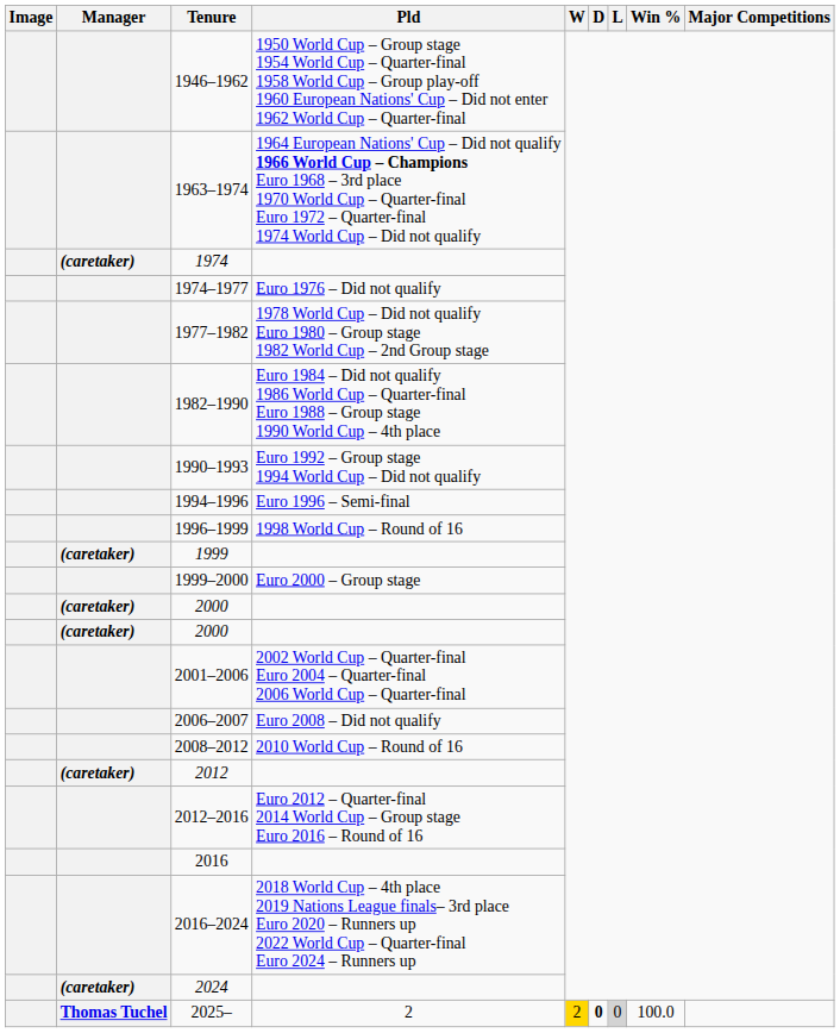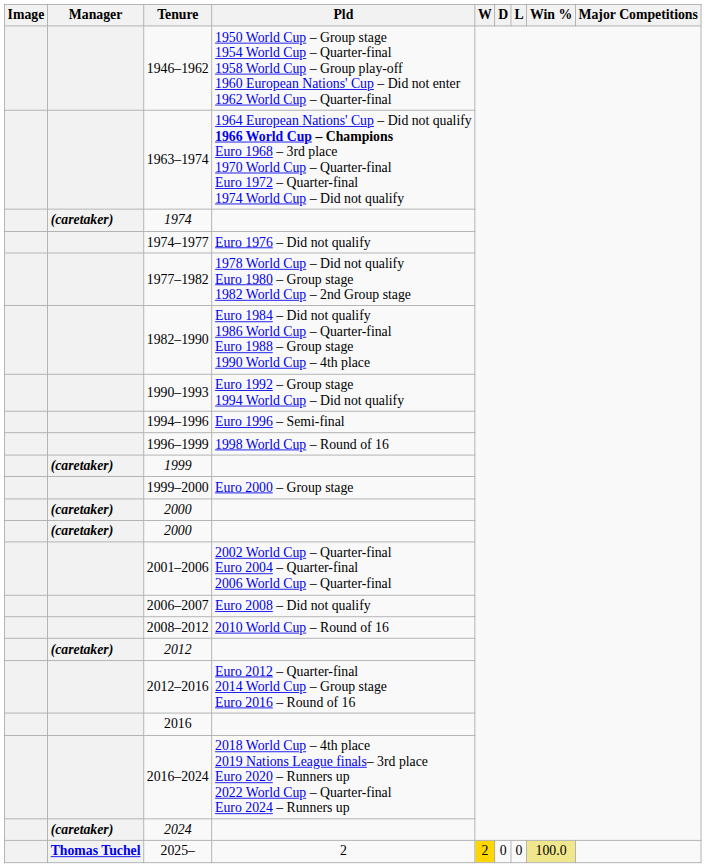 <table class="wikitable sortable plainrowheaders" style="text-align:center;">
 <tr>
 <th scope=col class=unsortable>Image</th>
 <th scope=col>Manager</th>
 <th scope=col>Tenure</th>
 <th scope=col>Pld</th>
 <th scope=col>W</th>
 <th scope=col>D</th>
 <th scope=col>L</th>
 <th scope=col>Win %</th>
 <th scope=col>Major Competitions</th>
 </tr>
 <tr>
 <th></th>
 <th scope=row style="text-align: left;"></th>
 <td>1946–1962<br></td>
 <td style="text-align: left;"><a href='#'>1950 World Cup</a> – Group stage<br><a href='#'>1954 World Cup</a> – Quarter-final<br><a href='#'>1958 World Cup</a> – Group play-off<br><a href='#'>1960 European Nations' Cup</a> – Did not enter<br><a href='#'>1962 World Cup</a> – Quarter-final</td>
 </tr>
 <tr>
 <th></th>
 <th scope=row style="text-align: left;"></th>
 <td>1963–1974<br></td>
 <td style="text-align: left;"><a href='#'>1964 European Nations' Cup</a> – Did not qualify<br><strong><a href='#'>1966 World Cup</a> – Champions</strong><br><a href='#'>Euro 1968</a> – 3rd place<br><a href='#'>1970 World Cup</a> – Quarter-final<br><a href='#'>Euro 1972</a> – Quarter-final<br><a href='#'>1974 World Cup</a> – Did not qualify</td>
 </tr>
 <tr>
 <th></th>
 <th scope=row style="text-align: left;"><em> (caretaker)</em></th>
 <td><em>1974</em><br></td>
 <td></td>
 </tr>
 <tr>
 <th></th>
 <th scope=row style="text-align: left;"></th>
 <td>1974–1977<br></td>
 <td style="text-align: left;"><a href='#'>Euro 1976</a> – Did not qualify</td>
 </tr>
 <tr>
 <th></th>
 <th scope=row style="text-align: left;"></th>
 <td>1977–1982<br></td>
 <td style="text-align: left;"><a href='#'>1978 World Cup</a> – Did not qualify<br><a href='#'>Euro 1980</a> – Group stage<br><a href='#'>1982 World Cup</a> – 2nd Group stage</td>
 </tr>
 <tr>
 <th></th>
 <th scope=row style="text-align: left;"></th>
 <td>1982–1990<br></td>
 <td style="text-align: left;"><a href='#'>Euro 1984</a> – Did not qualify<br><a href='#'>1986 World Cup</a> – Quarter-final<br><a href='#'>Euro 1988</a> – Group stage<br><a href='#'>1990 World Cup</a> – 4th place</td>
 </tr>
 <tr>
 <th></th>
 <th scope=row style="text-align: left;"></th>
 <td>1990–1993<br></td>
 <td style="text-align: left;"><a href='#'>Euro 1992</a> – Group stage<br><a href='#'>1994 World Cup</a> – Did not qualify</td>
 </tr>
 <tr>
 <th></th>
 <th scope=row style="text-align: left;"></th>
 <td>1994–1996<br></td>
 <td style="text-align: left;"><a href='#'>Euro 1996</a> – Semi-final</td>
 </tr>
 <tr>
 <th></th>
 <th scope=row style="text-align: left;"></th>
 <td>1996–1999<br></td>
 <td style="text-align: left;"><a href='#'>1998 World Cup</a> – Round of 16</td>
 </tr>
 <tr>
 <th></th>
 <th scope=row style="text-align: left;"><em> (caretaker)</em></th>
 <td><em>1999</em><br></td>
 <td></td>
 </tr>
 <tr>
 <th></th>
 <th scope=row style="text-align: left;"></th>
 <td>1999–2000<br></td>
 <td style="text-align: left;"><a href='#'>Euro 2000</a> – Group stage</td>
 </tr>
 <tr>
 <th></th>
 <th scope=row style="text-align: left;"><em> (caretaker)</em></th>
 <td><em>2000</em><br></td>
 <td></td>
 </tr>
 <tr>
 <th></th>
 <th scope=row style="text-align: left;"><em> (caretaker)</em></th>
 <td><em>2000</em><br></td>
 <td></td>
 </tr>
 <tr>
 <th></th>
 <th scope=row style="text-align: left;"> </th>
 <td>2001–2006<br></td>
 <td style="text-align: left;"><a href='#'>2002 World Cup</a> – Quarter-final<br><a href='#'>Euro 2004</a> – Quarter-final<br><a href='#'>2006 World Cup</a> – Quarter-final</td>
 </tr>
 <tr>
 <th></th>
 <th scope=row style="text-align: left;"></th>
 <td>2006–2007<br></td>
 <td style="text-align: left;"><a href='#'>Euro 2008</a> – Did not qualify</td>
 </tr>
 <tr>
 <th></th>
 <th scope=row style="text-align: left;">  </th>
 <td>2008–2012<br></td>
 <td style="text-align: left;"><a href='#'>2010 World Cup</a> – Round of 16</td>
 </tr>
 <tr>
 <th></th>
 <th scope=row style="text-align: left;"><em> (caretaker)</em></th>
 <td><em>2012</em><br></td>
 <td></td>
 </tr>
 <tr>
 <th></th>
 <th scope=row style="text-align: left;"></th>
 <td>2012–2016<br></td>
 <td style="text-align: left;"><a href='#'>Euro 2012</a> – Quarter-final<br><a href='#'>2014 World Cup</a> – Group stage<br><a href='#'>Euro 2016</a> – Round of 16</td>
 </tr>
 <tr>
 <th></th>
 <th scope=row style="text-align: left;"></th>
 <td>2016<br></td>
 <td></td>
 </tr>
 <tr>
 <th></th>
 <th scope=row style="text-align: left;"></th>
 <td>2016–2024<br></td>
 <td style="text-align: left;"><a href='#'>2018 World Cup</a> – 4th place<br><a href='#'>2019 Nations League finals</a>– 3rd place<br><a href='#'>Euro 2020</a> – Runners up<br><a href='#'>2022 World Cup</a> – Quarter-final<br><a href='#'>Euro 2024</a> – Runners up</td>
 </tr>
 <tr>
 <th></th>
 <th scope=row style="text-align: left;"> <em> (caretaker)</em></th>
 <td><em>2024</em><br></td>
 <td></td>
 </tr>
 <tr>
 <th></th>
 <th scope=row style="text-align: left;"> <a href='#'>Thomas Tuchel</a></th>
 <td>2025–</td>
 <td>2</td>
 <td style="background: gold;">2</td>
-<td><strong>0</strong></td>
-<td style="background: lightgrey;">0</td>
-<td>100.0</td>
+<td>0</td>
+<td>0</td>
+<td style="background: khaki;">100.0</td>
 <td></td>
 </tr>
 </table>
